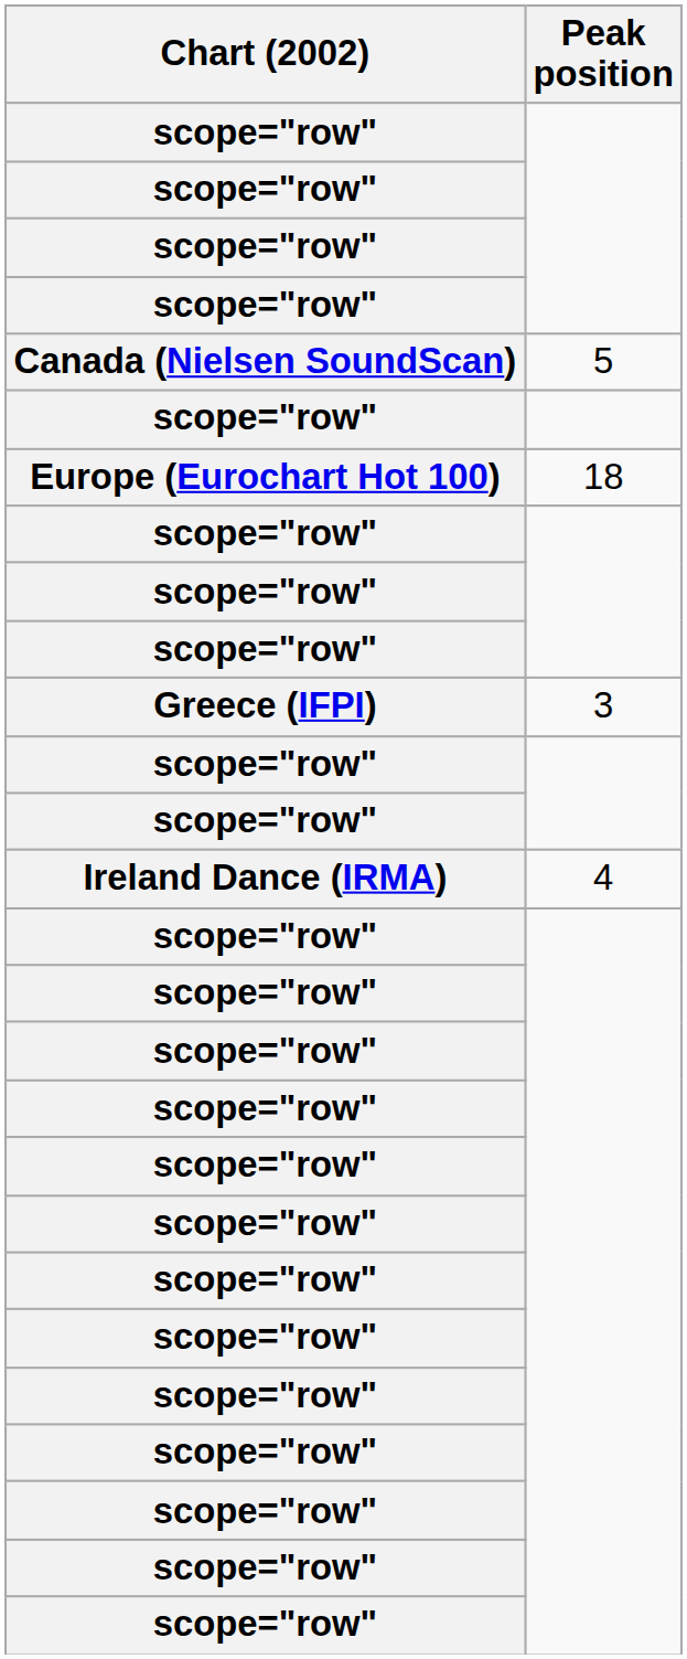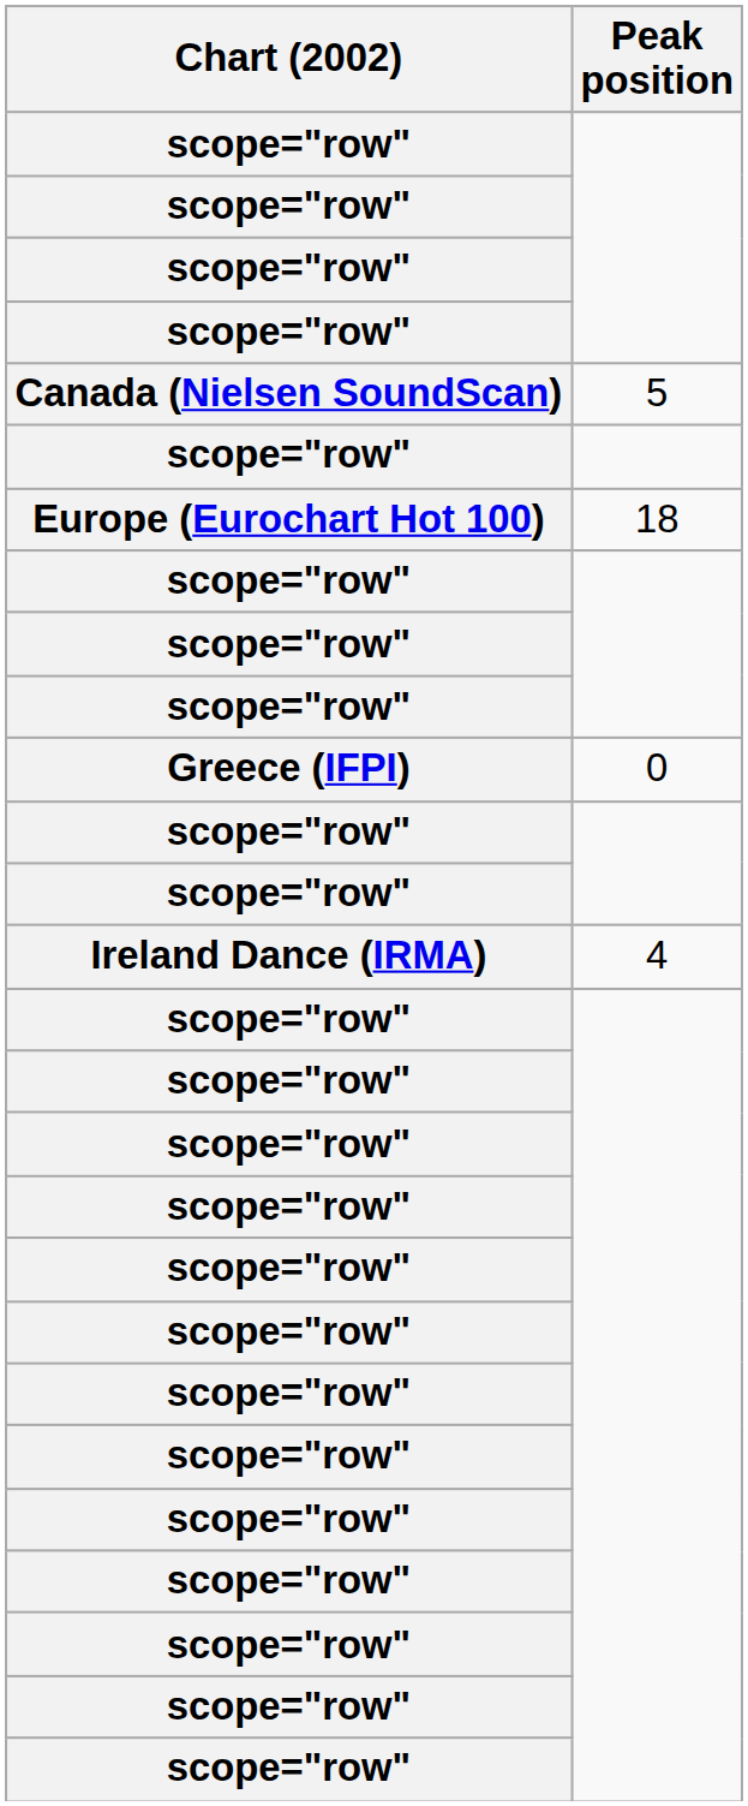 <table class="wikitable sortable plainrowheaders" style="text-align:center">
 <tr>
 <th scope="col">Chart (2002)</th>
 <th scope="col">Peak<br>position</th>
 </tr>
 <tr>
 <th>scope="row"</th>
 </tr>
 <tr>
 <th>scope="row"</th>
 </tr>
 <tr>
 <th>scope="row"</th>
 </tr>
 <tr>
 <th>scope="row"</th>
 </tr>
 <tr>
 <th scope="row">Canada (<a href='#'>Nielsen SoundScan</a>)</th>
 <td>5</td>
 </tr>
 <tr>
 <th>scope="row"</th>
 </tr>
 <tr>
 <th scope="row">Europe (<a href='#'>Eurochart Hot 100</a>)</th>
 <td>18</td>
 </tr>
 <tr>
 <th>scope="row"</th>
 </tr>
 <tr>
 <th>scope="row"</th>
 </tr>
 <tr>
 <th>scope="row"</th>
 </tr>
 <tr>
 <th scope="row">Greece (<a href='#'>IFPI</a>)</th>
-<td>3</td>
+<td>0</td>
 </tr>
 <tr>
 <th>scope="row"</th>
 </tr>
 <tr>
 <th>scope="row"</th>
 </tr>
 <tr>
 <th scope="row">Ireland Dance (<a href='#'>IRMA</a>)</th>
 <td>4</td>
 </tr>
 <tr>
 <th>scope="row"</th>
 </tr>
 <tr>
 <th>scope="row"</th>
 </tr>
 <tr>
 <th>scope="row"</th>
 </tr>
 <tr>
 <th>scope="row"</th>
 </tr>
 <tr>
 <th>scope="row"</th>
 </tr>
 <tr>
 <th>scope="row"</th>
 </tr>
 <tr>
 <th>scope="row"</th>
 </tr>
 <tr>
 <th>scope="row"</th>
 </tr>
 <tr>
 <th>scope="row"</th>
 </tr>
 <tr>
 <th>scope="row"</th>
 </tr>
 <tr>
 <th>scope="row"</th>
 </tr>
 <tr>
 <th>scope="row"</th>
 </tr>
 <tr>
 <th>scope="row"</th>
 </tr>
 </table>
